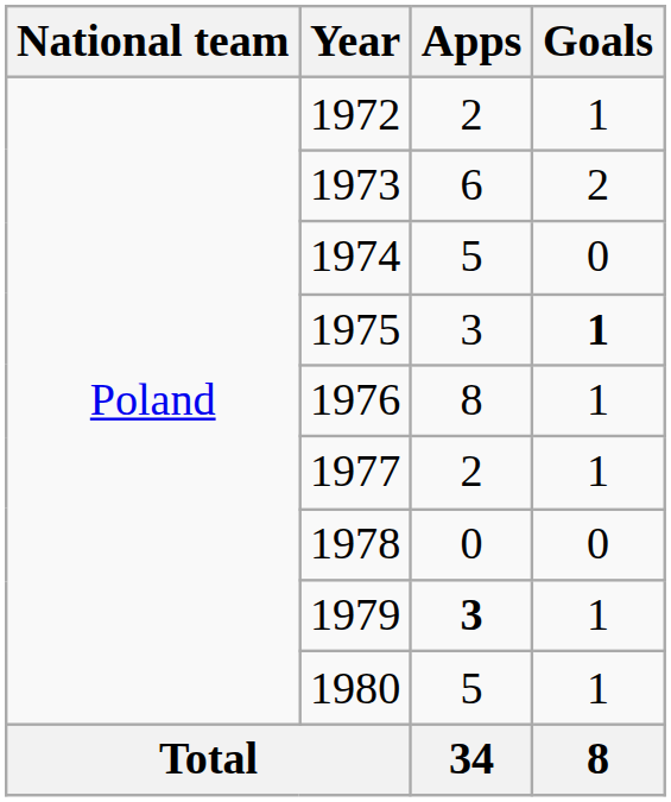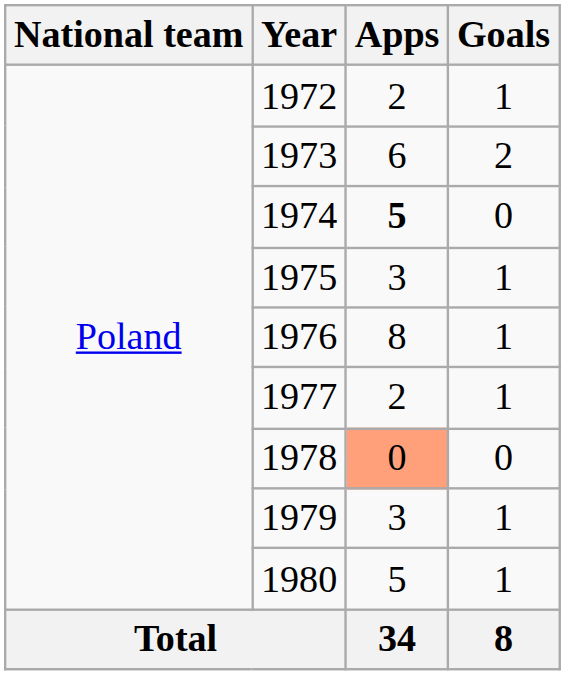 <table class="wikitable" style="text-align:center">
 <tr>
 <th>National team</th>
 <th>Year</th>
 <th>Apps</th>
 <th>Goals</th>
 </tr>
 <tr>
 <td rowspan="9"><a href='#'>Poland</a></td>
 <td>1972</td>
 <td>2</td>
 <td>1</td>
 </tr>
 <tr>
 <td>1973</td>
 <td>6</td>
 <td>2</td>
 </tr>
 <tr>
 <td>1974</td>
-<td>5</td>
+<td><strong>5</strong></td>
 <td>0</td>
 </tr>
 <tr>
 <td>1975</td>
 <td>3</td>
-<td><strong>1</strong></td>
+<td>1</td>
 </tr>
 <tr>
 <td>1976</td>
 <td>8</td>
 <td>1</td>
 </tr>
 <tr>
 <td>1977</td>
 <td>2</td>
 <td>1</td>
 </tr>
 <tr>
 <td>1978</td>
-<td>0</td>
+<td style="background: lightsalmon;">0</td>
 <td>0</td>
 </tr>
 <tr>
 <td>1979</td>
-<td><strong>3</strong></td>
+<td>3</td>
 <td>1</td>
 </tr>
 <tr>
 <td>1980</td>
 <td>5</td>
 <td>1</td>
 </tr>
 <tr>
 <th colspan="2">Total</th>
 <th>34</th>
 <th>8</th>
 </tr>
 </table>
